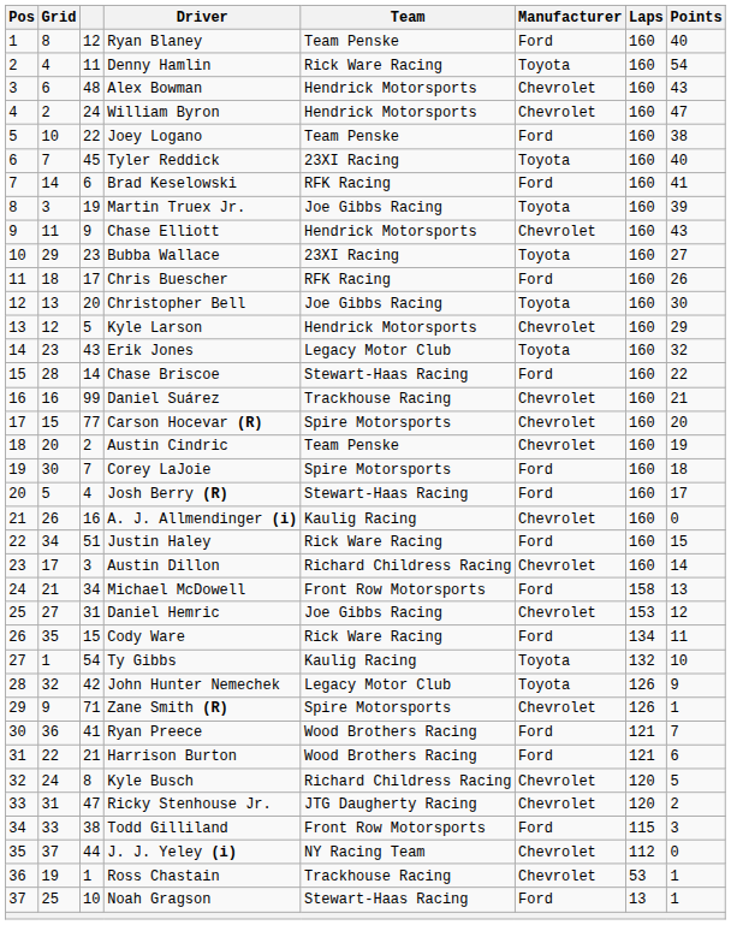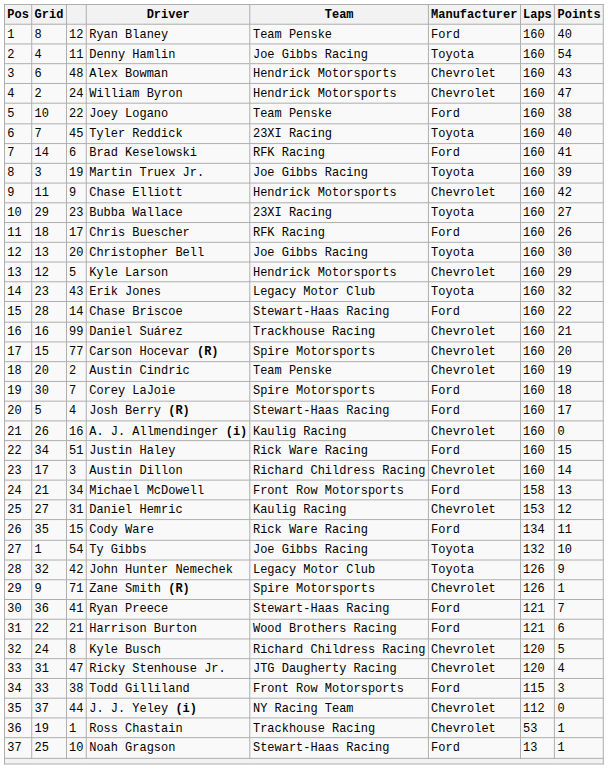 <table class="wikitable" style="font-size:98%">
 <tr>
 <th>Pos</th>
 <th>Grid</th>
 <th></th>
 <th>Driver</th>
 <th>Team</th>
 <th>Manufacturer</th>
 <th>Laps</th>
 <th>Points</th>
 </tr>
 <tr>
 <td>1</td>
 <td>8</td>
 <td>12</td>
 <td>Ryan Blaney</td>
 <td>Team Penske</td>
 <td>Ford</td>
 <td>160</td>
 <td>40</td>
 </tr>
 <tr>
 <td>2</td>
 <td>4</td>
 <td>11</td>
 <td>Denny Hamlin</td>
-<td>Rick Ware Racing</td>
+<td>Joe Gibbs Racing</td>
 <td>Toyota</td>
 <td>160</td>
 <td>54</td>
 </tr>
 <tr>
 <td>3</td>
 <td>6</td>
 <td>48</td>
 <td>Alex Bowman</td>
 <td>Hendrick Motorsports</td>
 <td>Chevrolet</td>
 <td>160</td>
 <td>43</td>
 </tr>
 <tr>
 <td>4</td>
 <td>2</td>
 <td>24</td>
 <td>William Byron</td>
 <td>Hendrick Motorsports</td>
 <td>Chevrolet</td>
 <td>160</td>
 <td>47</td>
 </tr>
 <tr>
 <td>5</td>
 <td>10</td>
 <td>22</td>
 <td>Joey Logano</td>
 <td>Team Penske</td>
 <td>Ford</td>
 <td>160</td>
 <td>38</td>
 </tr>
 <tr>
 <td>6</td>
 <td>7</td>
 <td>45</td>
 <td>Tyler Reddick</td>
 <td>23XI Racing</td>
 <td>Toyota</td>
 <td>160</td>
 <td>40</td>
 </tr>
 <tr>
 <td>7</td>
 <td>14</td>
 <td>6</td>
 <td>Brad Keselowski</td>
 <td>RFK Racing</td>
 <td>Ford</td>
 <td>160</td>
 <td>41</td>
 </tr>
 <tr>
 <td>8</td>
 <td>3</td>
 <td>19</td>
 <td>Martin Truex Jr.</td>
 <td>Joe Gibbs Racing</td>
 <td>Toyota</td>
 <td>160</td>
 <td>39</td>
 </tr>
 <tr>
 <td>9</td>
 <td>11</td>
 <td>9</td>
 <td>Chase Elliott</td>
 <td>Hendrick Motorsports</td>
 <td>Chevrolet</td>
 <td>160</td>
-<td>43</td>
+<td>42</td>
 </tr>
 <tr>
 <td>10</td>
 <td>29</td>
 <td>23</td>
 <td>Bubba Wallace</td>
 <td>23XI Racing</td>
 <td>Toyota</td>
 <td>160</td>
 <td>27</td>
 </tr>
 <tr>
 <td>11</td>
 <td>18</td>
 <td>17</td>
 <td>Chris Buescher</td>
 <td>RFK Racing</td>
 <td>Ford</td>
 <td>160</td>
 <td>26</td>
 </tr>
 <tr>
 <td>12</td>
 <td>13</td>
 <td>20</td>
 <td>Christopher Bell</td>
 <td>Joe Gibbs Racing</td>
 <td>Toyota</td>
 <td>160</td>
 <td>30</td>
 </tr>
 <tr>
 <td>13</td>
 <td>12</td>
 <td>5</td>
 <td>Kyle Larson</td>
 <td>Hendrick Motorsports</td>
 <td>Chevrolet</td>
 <td>160</td>
 <td>29</td>
 </tr>
 <tr>
 <td>14</td>
 <td>23</td>
 <td>43</td>
 <td>Erik Jones</td>
 <td>Legacy Motor Club</td>
 <td>Toyota</td>
 <td>160</td>
 <td>32</td>
 </tr>
 <tr>
 <td>15</td>
 <td>28</td>
 <td>14</td>
 <td>Chase Briscoe</td>
 <td>Stewart-Haas Racing</td>
 <td>Ford</td>
 <td>160</td>
 <td>22</td>
 </tr>
 <tr>
 <td>16</td>
 <td>16</td>
 <td>99</td>
 <td>Daniel Suárez</td>
 <td>Trackhouse Racing</td>
 <td>Chevrolet</td>
 <td>160</td>
 <td>21</td>
 </tr>
 <tr>
 <td>17</td>
 <td>15</td>
 <td>77</td>
 <td>Carson Hocevar <strong>(R)</strong></td>
 <td>Spire Motorsports</td>
 <td>Chevrolet</td>
 <td>160</td>
 <td>20</td>
 </tr>
 <tr>
 <td>18</td>
 <td>20</td>
 <td>2</td>
 <td>Austin Cindric</td>
 <td>Team Penske</td>
 <td>Chevrolet</td>
 <td>160</td>
 <td>19</td>
 </tr>
 <tr>
 <td>19</td>
 <td>30</td>
 <td>7</td>
 <td>Corey LaJoie</td>
 <td>Spire Motorsports</td>
 <td>Ford</td>
 <td>160</td>
 <td>18</td>
 </tr>
 <tr>
 <td>20</td>
 <td>5</td>
 <td>4</td>
 <td>Josh Berry <strong>(R)</strong></td>
 <td>Stewart-Haas Racing</td>
 <td>Ford</td>
 <td>160</td>
 <td>17</td>
 </tr>
 <tr>
 <td>21</td>
 <td>26</td>
 <td>16</td>
 <td>A. J. Allmendinger <strong>(i)</strong></td>
 <td>Kaulig Racing</td>
 <td>Chevrolet</td>
 <td>160</td>
 <td>0</td>
 </tr>
 <tr>
 <td>22</td>
 <td>34</td>
 <td>51</td>
 <td>Justin Haley</td>
 <td>Rick Ware Racing</td>
 <td>Ford</td>
 <td>160</td>
 <td>15</td>
 </tr>
 <tr>
 <td>23</td>
 <td>17</td>
 <td>3</td>
 <td>Austin Dillon</td>
 <td>Richard Childress Racing</td>
 <td>Chevrolet</td>
 <td>160</td>
 <td>14</td>
 </tr>
 <tr>
 <td>24</td>
 <td>21</td>
 <td>34</td>
 <td>Michael McDowell</td>
 <td>Front Row Motorsports</td>
 <td>Ford</td>
 <td>158</td>
 <td>13</td>
 </tr>
 <tr>
 <td>25</td>
 <td>27</td>
 <td>31</td>
 <td>Daniel Hemric</td>
-<td>Joe Gibbs Racing</td>
+<td>Kaulig Racing</td>
 <td>Chevrolet</td>
 <td>153</td>
 <td>12</td>
 </tr>
 <tr>
 <td>26</td>
 <td>35</td>
 <td>15</td>
 <td>Cody Ware</td>
 <td>Rick Ware Racing</td>
 <td>Ford</td>
 <td>134</td>
 <td>11</td>
 </tr>
 <tr>
 <td>27</td>
 <td>1</td>
 <td>54</td>
 <td>Ty Gibbs</td>
-<td>Kaulig Racing</td>
+<td>Joe Gibbs Racing</td>
 <td>Toyota</td>
 <td>132</td>
 <td>10</td>
 </tr>
 <tr>
 <td>28</td>
 <td>32</td>
 <td>42</td>
 <td>John Hunter Nemechek</td>
 <td>Legacy Motor Club</td>
 <td>Toyota</td>
 <td>126</td>
 <td>9</td>
 </tr>
 <tr>
 <td>29</td>
 <td>9</td>
 <td>71</td>
 <td>Zane Smith <strong>(R)</strong></td>
 <td>Spire Motorsports</td>
 <td>Chevrolet</td>
 <td>126</td>
 <td>1</td>
 </tr>
 <tr>
 <td>30</td>
 <td>36</td>
 <td>41</td>
 <td>Ryan Preece</td>
-<td>Wood Brothers Racing</td>
+<td>Stewart-Haas Racing</td>
 <td>Ford</td>
 <td>121</td>
 <td>7</td>
 </tr>
 <tr>
 <td>31</td>
 <td>22</td>
 <td>21</td>
 <td>Harrison Burton</td>
 <td>Wood Brothers Racing</td>
 <td>Ford</td>
 <td>121</td>
 <td>6</td>
 </tr>
 <tr>
 <td>32</td>
 <td>24</td>
 <td>8</td>
 <td>Kyle Busch</td>
 <td>Richard Childress Racing</td>
 <td>Chevrolet</td>
 <td>120</td>
 <td>5</td>
 </tr>
 <tr>
 <td>33</td>
 <td>31</td>
 <td>47</td>
 <td>Ricky Stenhouse Jr.</td>
 <td>JTG Daugherty Racing</td>
 <td>Chevrolet</td>
 <td>120</td>
-<td>2</td>
+<td>4</td>
 </tr>
 <tr>
 <td>34</td>
 <td>33</td>
 <td>38</td>
 <td>Todd Gilliland</td>
 <td>Front Row Motorsports</td>
 <td>Ford</td>
 <td>115</td>
 <td>3</td>
 </tr>
 <tr>
 <td>35</td>
 <td>37</td>
 <td>44</td>
 <td>J. J. Yeley <strong>(i)</strong></td>
 <td>NY Racing Team</td>
 <td>Chevrolet</td>
 <td>112</td>
 <td>0</td>
 </tr>
 <tr>
 <td>36</td>
 <td>19</td>
 <td>1</td>
 <td>Ross Chastain</td>
 <td>Trackhouse Racing</td>
 <td>Chevrolet</td>
 <td>53</td>
 <td>1</td>
 </tr>
 <tr>
 <td>37</td>
 <td>25</td>
 <td>10</td>
 <td>Noah Gragson</td>
 <td>Stewart-Haas Racing</td>
 <td>Ford</td>
 <td>13</td>
 <td>1</td>
 </tr>
 <tr>
 <th colspan="8"></th>
 </tr>
 </table>
